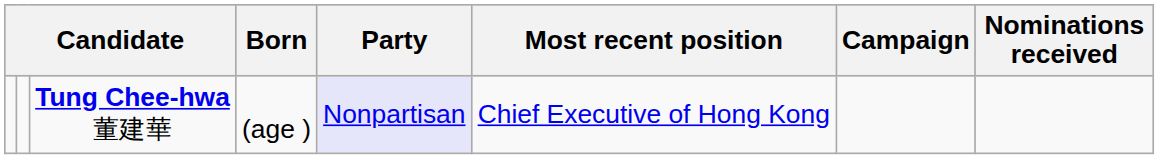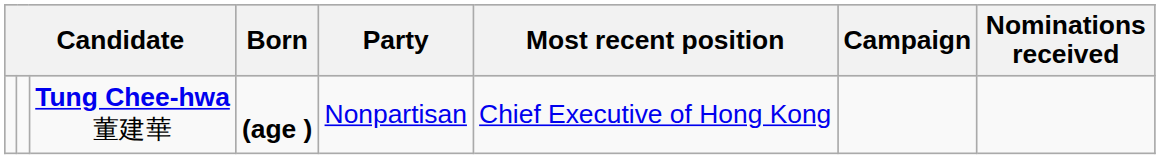 <table class="wikitable sortable" style="text-align:center;">
 <tr>
 <th colspan=3>Candidate</th>
 <th>Born</th>
 <th>Party</th>
 <th>Most recent position</th>
 <th>Campaign</th>
 <th width=100px>Nominations<br>received</th>
 </tr>
 <tr>
 <td bgcolor=></td>
 <td></td>
 <td><strong><a href='#'>Tung Chee-hwa</a></strong><br>董建華</td>
-<td><br>(age )</td>
-<td style="background: lavender;"><a href='#'>Nonpartisan</a><br></td>
+<td><strong><br>(age )</strong></td>
+<td><a href='#'>Nonpartisan</a><br></td>
 <td><a href='#'>Chief Executive of Hong Kong</a><br></td>
 <td></td>
 <td></td>
 </tr>
 </table>
